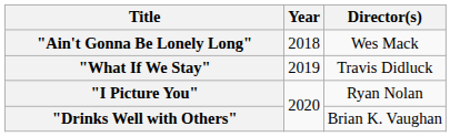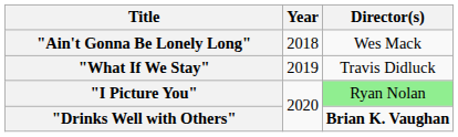 <table class="wikitable plainrowheaders" style="text-align:center;">
 <tr>
 <th scope="col" style="width:17em;">Title</th>
 <th scope="col">Year</th>
 <th scope="col">Director(s)</th>
 </tr>
 <tr>
 <th scope="row">"Ain't Gonna Be Lonely Long"</th>
 <td>2018</td>
 <td>Wes Mack</td>
 </tr>
 <tr>
 <th scope="row">"What If We Stay"</th>
 <td>2019</td>
 <td>Travis Didluck</td>
 </tr>
 <tr>
 <th scope="row">"I Picture You"</th>
 <td rowspan="2">2020</td>
-<td>Ryan Nolan</td>
+<td style="background: lightgreen;">Ryan Nolan</td>
 </tr>
 <tr>
 <th scope="row">"Drinks Well with Others"</th>
-<td>Brian K. Vaughan</td>
+<td><strong>Brian K. Vaughan</strong></td>
 </tr>
 </table>
